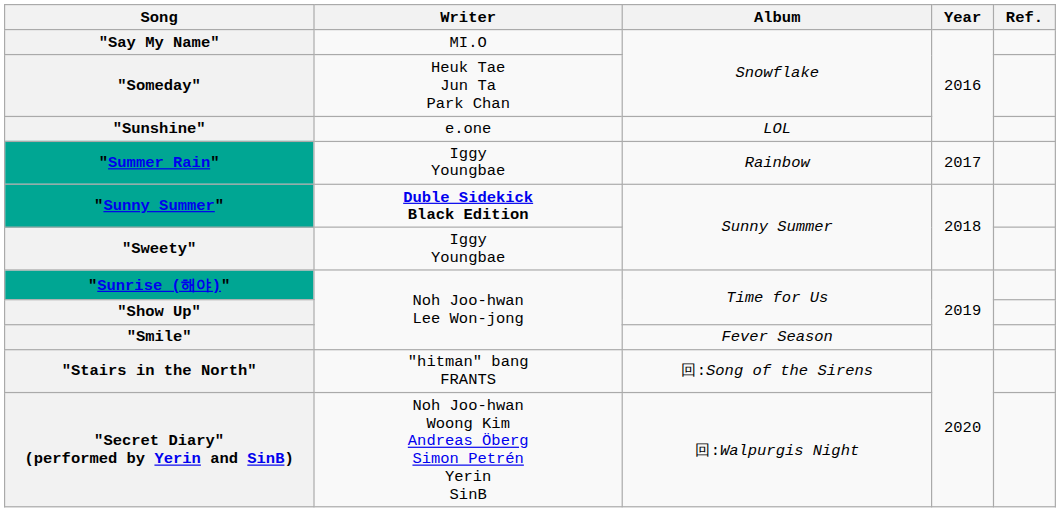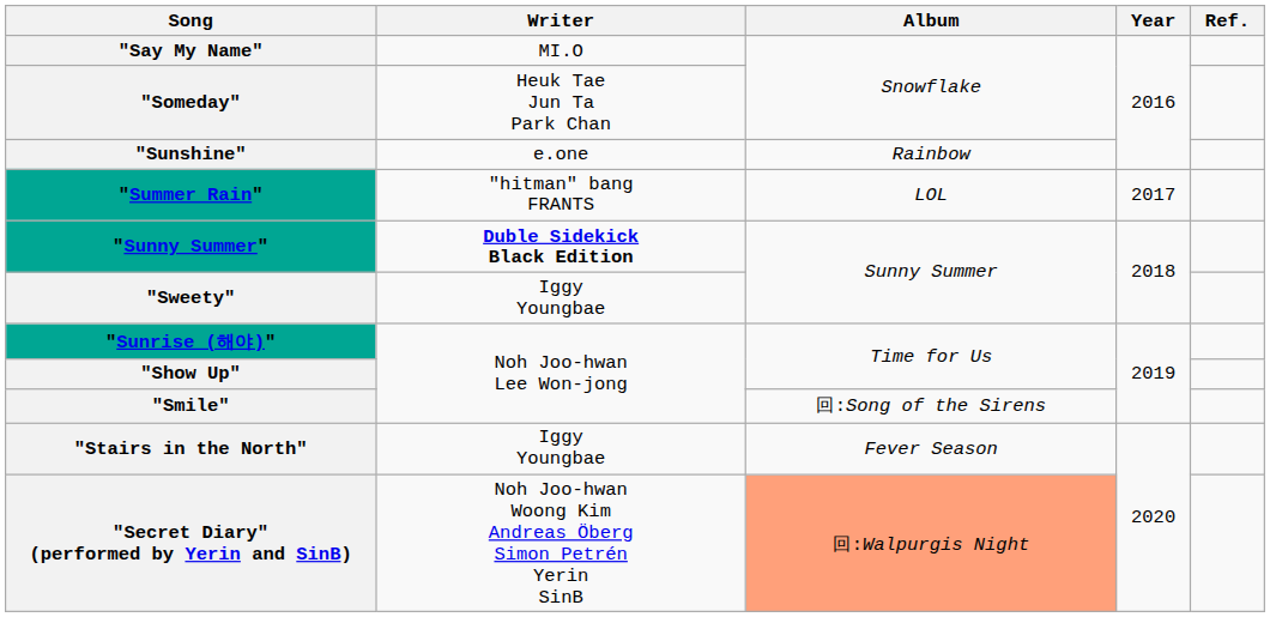 <table class="wikitable plainrowheaders" style="text-align:center; width:100%">
 <tr>
 <th style="width:25%">Song</th>
 <th style="width:25%">Writer</th>
 <th style="width:25%">Album</th>
 <th style="width:5%">Year</th>
 <th style="width:5%">Ref.</th>
 </tr>
 <tr>
 <th scope="row">"Say My Name" </th>
 <td>MI.O</td>
 <td rowspan="2"><em>Snowflake</em></td>
 <td rowspan="3">2016</td>
 <td></td>
 </tr>
 <tr>
 <th scope="row">"Someday" </th>
 <td>Heuk Tae<br>Jun Ta<br>Park Chan</td>
 <td></td>
 </tr>
 <tr>
 <th scope="row">"Sunshine" </th>
 <td>e.one</td>
-<td><em>LOL</em></td>
+<td><em>Rainbow</em></td>
 <td></td>
 </tr>
 <tr>
 <th scope="row" style="background-color:#00A693 ">"<a href='#'>Summer Rain</a>"  </th>
-<td>Iggy<br>Youngbae</td>
-<td><em>Rainbow</em></td>
+<td>"hitman" bang<br>FRANTS</td>
+<td><em>LOL</em></td>
 <td>2017</td>
 <td></td>
 </tr>
 <tr>
 <th scope="row" style="background-color:#00A693 ">"<a href='#'>Sunny Summer</a>"  </th>
 <td><strong><a href='#'>Duble Sidekick</a><br>Black Edition</strong></td>
 <td rowspan="2"><em>Sunny Summer</em></td>
 <td rowspan="2">2018</td>
 <td></td>
 </tr>
 <tr>
 <th scope="row">"Sweety"</th>
 <td>Iggy<br>Youngbae</td>
 <td></td>
 </tr>
 <tr>
 <th scope="row" style="background-color:#00A693 ">"<a href='#'>Sunrise (해야)</a>"  </th>
 <td rowspan="3">Noh Joo-hwan<br>Lee Won-jong</td>
 <td rowspan="2"><em>Time for Us</em></td>
 <td rowspan="3">2019</td>
 <td></td>
 </tr>
 <tr>
 <th scope="row">"Show Up" </th>
 <td></td>
 </tr>
 <tr>
 <th scope="row">"Smile" </th>
-<td><em>Fever Season</em></td>
+<td>回:<em>Song of the Sirens</em></td>
 <td></td>
 </tr>
 <tr>
 <th scope="row">"Stairs in the North" </th>
-<td>"hitman" bang<br>FRANTS</td>
-<td>回:<em>Song of the Sirens</em></td>
+<td>Iggy<br>Youngbae</td>
+<td><em>Fever Season</em></td>
 <td rowspan="2">2020</td>
 <td></td>
 </tr>
 <tr>
 <th scope="row">"Secret Diary"<br><span>(performed by <a href='#'>Yerin</a> and <a href='#'>SinB</a>)</span></th>
 <td>Noh Joo-hwan<br>Woong Kim<br><a href='#'>Andreas Öberg</a><br><a href='#'>Simon Petrén</a><br>Yerin<br>SinB</td>
-<td>回:<em>Walpurgis Night</em></td>
+<td style="background: lightsalmon;">回:<em>Walpurgis Night</em></td>
 <td></td>
 </tr>
 </table>
